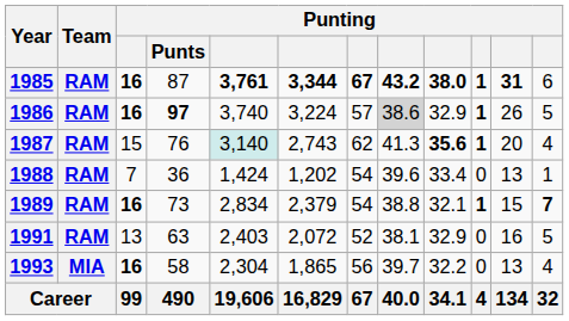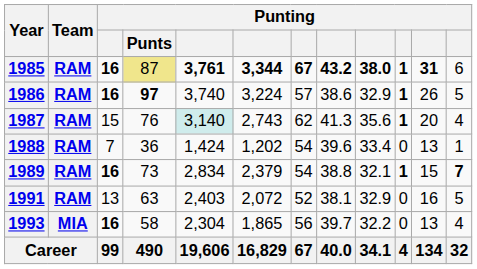 <table class=wikitable style="text-align:center;">
 <tr>
 <th rowspan="2">Year</th>
 <th rowspan="2">Team</th>
 <th colspan="10">Punting</th>
 </tr>
 <tr>
 <th></th>
 <th>Punts</th>
 <th></th>
 <th></th>
 <th></th>
 <th></th>
 <th></th>
 <th></th>
 <th></th>
 <th></th>
 </tr>
 <tr>
 <th><a href='#'>1985</a></th>
 <th><a href='#'>RAM</a></th>
 <td><strong>16</strong></td>
-<td>87</td>
+<td style="background: khaki;">87</td>
 <td><strong>3,761</strong></td>
 <td><strong>3,344</strong></td>
 <td><strong>67</strong></td>
 <td><strong>43.2</strong></td>
 <td><strong>38.0</strong></td>
 <td><strong>1</strong></td>
 <td><strong>31</strong></td>
 <td>6</td>
 </tr>
 <tr>
 <th><a href='#'>1986</a></th>
 <th><a href='#'>RAM</a></th>
 <td><strong>16</strong></td>
 <td><strong>97</strong></td>
 <td>3,740</td>
 <td>3,224</td>
 <td>57</td>
-<td style="background: lightgrey;">38.6</td>
+<td>38.6</td>
 <td>32.9</td>
 <td><strong>1</strong></td>
 <td>26</td>
 <td>5</td>
 </tr>
 <tr>
 <th><a href='#'>1987</a></th>
 <th><a href='#'>RAM</a></th>
 <td>15</td>
 <td>76</td>
 <td style="background:#cfecec; width:3em;">3,140</td>
 <td>2,743</td>
 <td>62</td>
 <td>41.3</td>
-<td><strong>35.6</strong></td>
+<td>35.6</td>
 <td><strong>1</strong></td>
 <td>20</td>
 <td>4</td>
 </tr>
 <tr>
 <th><a href='#'>1988</a></th>
 <th><a href='#'>RAM</a></th>
 <td>7</td>
 <td>36</td>
 <td>1,424</td>
 <td>1,202</td>
 <td>54</td>
 <td>39.6</td>
 <td>33.4</td>
 <td>0</td>
 <td>13</td>
 <td>1</td>
 </tr>
 <tr>
 <th><a href='#'>1989</a></th>
 <th><a href='#'>RAM</a></th>
 <td><strong>16</strong></td>
 <td>73</td>
 <td>2,834</td>
 <td>2,379</td>
 <td>54</td>
 <td>38.8</td>
 <td>32.1</td>
 <td><strong>1</strong></td>
 <td>15</td>
 <td><strong>7</strong></td>
 </tr>
 <tr>
 <th><a href='#'>1991</a></th>
 <th><a href='#'>RAM</a></th>
 <td>13</td>
 <td>63</td>
 <td>2,403</td>
 <td>2,072</td>
 <td>52</td>
 <td>38.1</td>
 <td>32.9</td>
 <td>0</td>
 <td>16</td>
 <td>5</td>
 </tr>
 <tr>
 <th><a href='#'>1993</a></th>
 <th><a href='#'>MIA</a></th>
 <td><strong>16</strong></td>
 <td>58</td>
 <td>2,304</td>
 <td>1,865</td>
 <td>56</td>
 <td>39.7</td>
 <td>32.2</td>
 <td>0</td>
 <td>13</td>
 <td>4</td>
 </tr>
 <tr>
 <th colspan="2">Career</th>
 <th>99</th>
 <th>490</th>
 <th>19,606</th>
 <th>16,829</th>
 <th>67</th>
 <th>40.0</th>
 <th>34.1</th>
 <th>4</th>
 <th>134</th>
 <th>32</th>
 </tr>
 </table>
